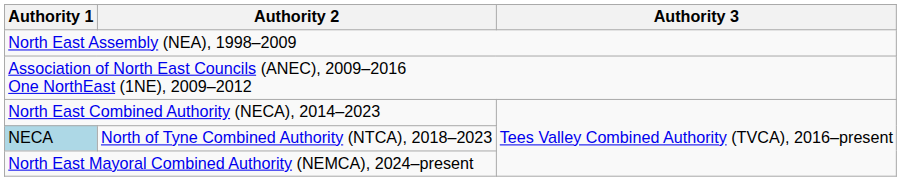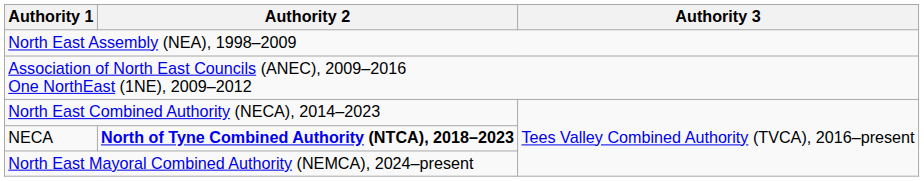 <table class="wikitable">
 <tr>
 <th>Authority 1</th>
 <th>Authority 2</th>
 <th>Authority 3</th>
 </tr>
 <tr>
 <td colspan=3><a href='#'>North East Assembly</a> (NEA), 1998–2009</td>
 </tr>
 <tr>
 <td colspan=3><a href='#'>Association of North East Councils</a> (ANEC), 2009–2016<br><a href='#'>One NorthEast</a> (1NE), 2009–2012</td>
 </tr>
 <tr>
 <td colspan=2><a href='#'>North East Combined Authority</a> (NECA), 2014–2023</td>
 <td rowspan=3><a href='#'>Tees Valley Combined Authority</a> (TVCA), 2016–present</td>
 </tr>
 <tr>
-<td style="background: lightblue;">NECA</td>
-<td><a href='#'>North of Tyne Combined Authority</a> (NTCA), 2018–2023</td>
+<td>NECA</td>
+<td><strong><a href='#'>North of Tyne Combined Authority</a> (NTCA), 2018–2023</strong></td>
 </tr>
 <tr>
 <td colspan=2><a href='#'>North East Mayoral Combined Authority</a> (NEMCA), 2024–present</td>
 </tr>
 </table>
